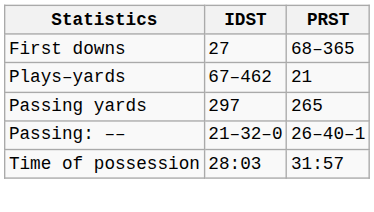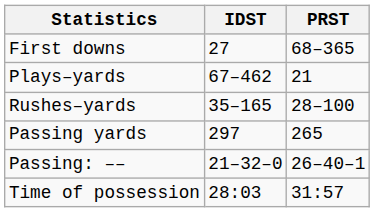 <table class="wikitable" style="float:left">
 <tr>
 <th>Statistics</th>
 <th>IDST</th>
 <th>PRST</th>
 </tr>
 <tr>
 <td>First downs</td>
 <td>27</td>
 <td>68–365</td>
 </tr>
 <tr>
 <td>Plays–yards</td>
 <td>67–462</td>
 <td>21</td>
 </tr>
 <tr>
+<td>Rushes–yards</td>
+<td>35–165</td>
+<td>28–100</td>
+</tr>
+<tr>
 <td>Passing yards</td>
 <td>297</td>
 <td>265</td>
 </tr>
 <tr>
 <td>Passing: ––</td>
 <td>21–32–0</td>
 <td>26–40–1</td>
 </tr>
 <tr>
 <td>Time of possession</td>
 <td>28:03</td>
 <td>31:57</td>
 </tr>
 </table>
